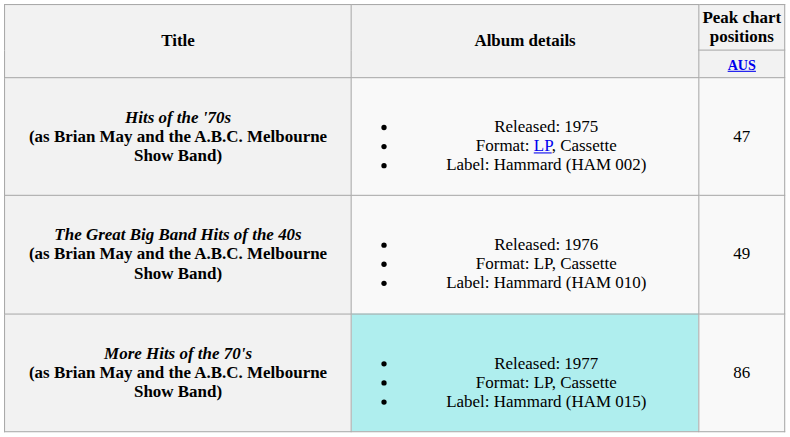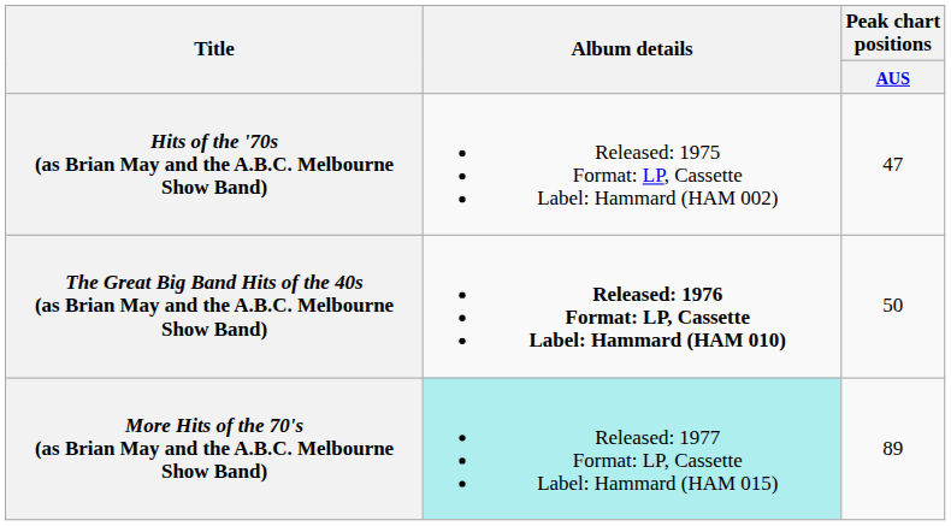 <table class="wikitable plainrowheaders" style="text-align:center;" border="1">
 <tr>
 <th scope="col" rowspan="2" style="width:20em;">Title</th>
 <th scope="col" rowspan="2" style="width:20em;">Album details</th>
 <th scope="col" colspan="1">Peak chart<br>positions</th>
 </tr>
 <tr>
 <th scope="col" style="text-align:center;"><small><a href='#'>AUS</a></small><br></th>
 </tr>
 <tr>
 <th scope="row"><em>Hits of the '70s</em> <br> (as Brian May and the A.B.C. Melbourne Show Band)</th>
 <td><br><ul><li>Released: 1975</li><li>Format: <a href='#'>LP</a>, Cassette</li><li>Label: Hammard (HAM 002)</li></ul></td>
 <td align="center">47</td>
 </tr>
 <tr>
 <th scope="row"><em>The Great Big Band Hits of the 40s</em> <br> (as Brian May and the A.B.C. Melbourne Show Band)</th>
-<td><br><ul><li>Released: 1976</li><li>Format: LP, Cassette</li><li>Label: Hammard (HAM 010)</li></ul></td>
-<td align="center">49</td>
+<td><strong><br><ul><li>Released: 1976</li><li>Format: LP, Cassette</li><li>Label: Hammard (HAM 010)</li></ul></strong></td>
+<td align="center">50</td>
 </tr>
 <tr>
 <th scope="row"><em>More Hits of the 70's</em> <br> (as Brian May and the A.B.C. Melbourne Show Band)</th>
 <td style="background: paleturquoise;"><br><ul><li>Released: 1977</li><li>Format: LP, Cassette</li><li>Label: Hammard (HAM 015)</li></ul></td>
-<td align="center">86</td>
+<td align="center">89</td>
 </tr>
 </table>
